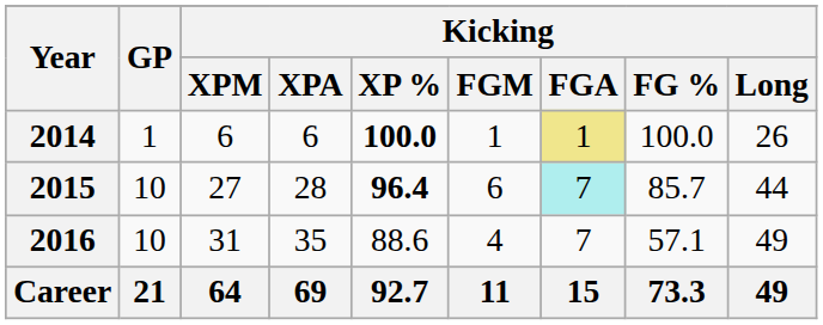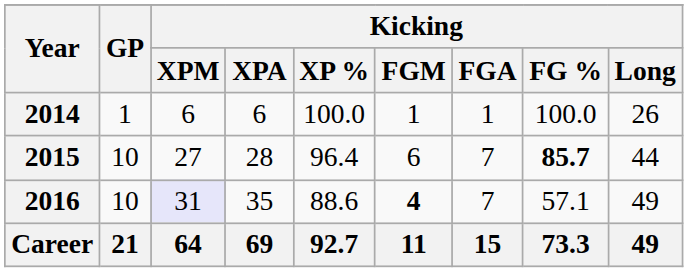 <table class="wikitable" style="text-align:center;">
 <tr align="center">
 </tr>
 <tr>
 <th rowspan="2">Year</th>
 <th rowspan="2">GP</th>
 <th colspan="7">Kicking</th>
 </tr>
 <tr>
 <th>XPM</th>
 <th>XPA</th>
 <th>XP %</th>
 <th>FGM</th>
 <th>FGA</th>
 <th>FG %</th>
 <th>Long</th>
 </tr>
 <tr>
 <th>2014</th>
 <td>1</td>
 <td>6</td>
 <td>6</td>
-<td><strong>100.0</strong></td>
+<td>100.0</td>
 <td>1</td>
-<td style="background: khaki;">1</td>
+<td>1</td>
 <td>100.0</td>
 <td>26</td>
 </tr>
 <tr>
 <th>2015</th>
 <td>10</td>
 <td>27</td>
 <td>28</td>
-<td><strong>96.4</strong></td>
+<td>96.4</td>
 <td>6</td>
-<td style="background: paleturquoise;">7</td>
-<td>85.7</td>
+<td>7</td>
+<td><strong>85.7</strong></td>
 <td>44</td>
 </tr>
 <tr>
 <th>2016</th>
 <td>10</td>
-<td>31</td>
+<td style="background: lavender;">31</td>
 <td>35</td>
 <td>88.6</td>
-<td>4</td>
+<td><strong>4</strong></td>
 <td>7</td>
 <td>57.1</td>
 <td>49</td>
 </tr>
 <tr>
 <th>Career</th>
 <th>21</th>
 <th>64</th>
 <th>69</th>
 <th>92.7</th>
 <th>11</th>
 <th>15</th>
 <th>73.3</th>
 <th>49</th>
 </tr>
 </table>
